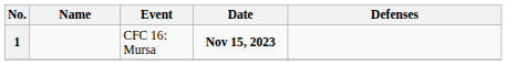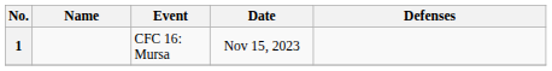 <table class="wikitable" width=100%>
 <tr>
 <th width=1%>No.</th>
 <th width=19%>Name</th>
 <th width=15%>Event</th>
 <th width=20%>Date</th>
 <th width=45%>Defenses</th>
 </tr>
 <tr>
 <th>1</th>
 <td> <br></td>
 <td>CFC 16: Mursa<br></td>
-<td align=center><strong>Nov 15, 2023</strong></td>
+<td align=center>Nov 15, 2023</td>
 <td></td>
 </tr>
 <tr>
 </tr>
 </table>
